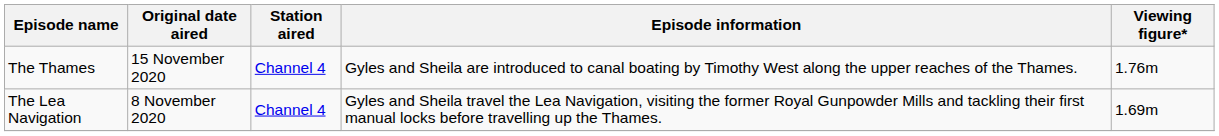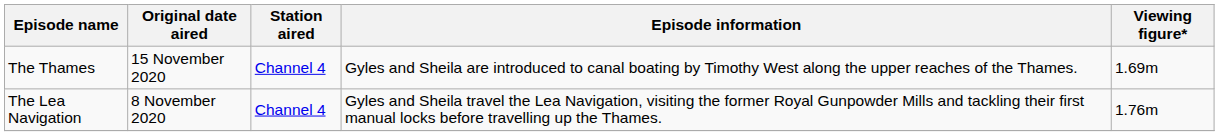 <table class="wikitable sortable">
 <tr>
 <th>Episode name</th>
 <th>Original date aired</th>
 <th>Station aired</th>
 <th>Episode information</th>
 <th>Viewing figure*</th>
 </tr>
 <tr>
 <td>The Thames</td>
 <td>15 November 2020</td>
 <td><a href='#'>Channel 4</a></td>
 <td>Gyles and Sheila are introduced to canal boating by Timothy West along the upper reaches of the Thames.</td>
-<td>1.76m</td>
+<td>1.69m</td>
 </tr>
 <tr>
 <td>The Lea Navigation</td>
 <td>8 November 2020</td>
 <td><a href='#'>Channel 4</a></td>
 <td>Gyles and Sheila travel the Lea Navigation, visiting the former Royal Gunpowder Mills and tackling their first manual locks before travelling up the Thames.</td>
-<td>1.69m</td>
+<td>1.76m</td>
 </tr>
 <tr>
 </tr>
 </table>
